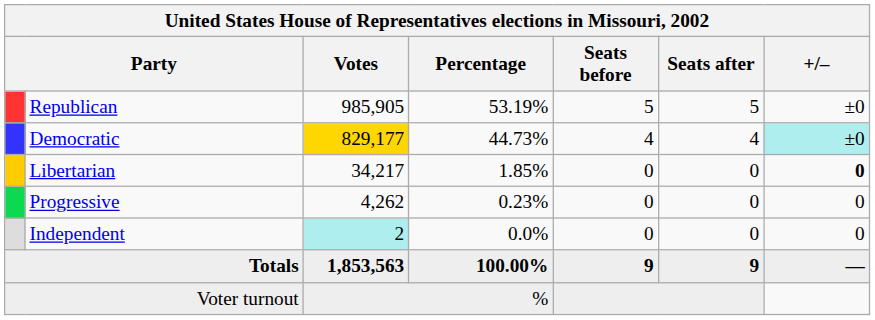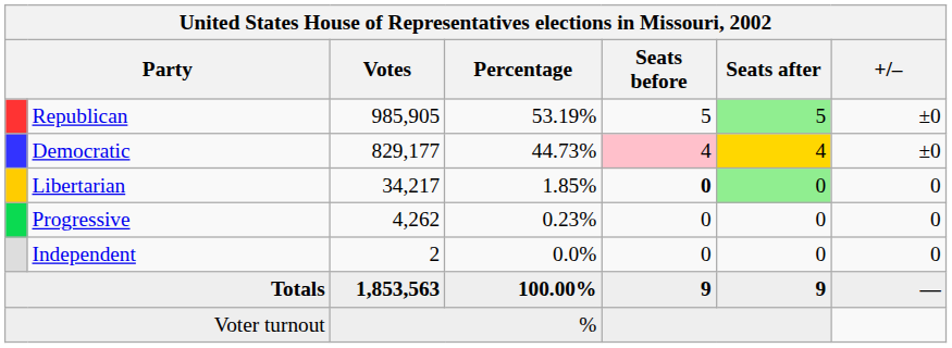 <table class="wikitable" style="font-size: 95%;">
 <tr>
 <th colspan="7">United States House of Representatives elections in Missouri, 2002</th>
 </tr>
 <tr>
 <th colspan=2 style="width: 15em">Party</th>
 <th style="width: 5em">Votes</th>
 <th style="width: 7em">Percentage</th>
 <th style="width: 5em">Seats before</th>
 <th style="width: 5em">Seats after</th>
 <th style="width: 5em">+/–</th>
 </tr>
 <tr>
 <th style="background-color:#FF3333; width: 3px"></th>
 <td style="width: 130px"><a href='#'>Republican</a></td>
 <td align="right">985,905</td>
 <td align="right">53.19%</td>
 <td align="right">5</td>
-<td align="right">5</td>
+<td align="right" style="background: lightgreen;">5</td>
 <td align="right">±0</td>
 </tr>
 <tr>
 <th style="background-color:#3333FF; width: 3px"></th>
 <td style="width: 130px"><a href='#'>Democratic</a></td>
-<td align="right" style="background: gold;">829,177</td>
+<td align="right">829,177</td>
 <td align="right">44.73%</td>
-<td align="right">4</td>
-<td align="right">4</td>
-<td align="right" style="background: paleturquoise;">±0</td>
+<td align="right" style="background: pink;">4</td>
+<td align="right" style="background: gold;">4</td>
+<td align="right">±0</td>
 </tr>
 <tr>
 <th style="background-color:#FFCC00; width: 3px"></th>
 <td style="width: 130px"><a href='#'>Libertarian</a></td>
 <td align="right">34,217</td>
 <td align="right">1.85%</td>
+<td align="right"><strong>0</strong></td>
+<td align="right" style="background: lightgreen;">0</td>
 <td align="right">0</td>
-<td align="right">0</td>
-<td align="right"><strong>0</strong></td>
 </tr>
 <tr>
 <th style="background-color:#0BDA51; width: 3px"></th>
 <td style="width: 130px"><a href='#'>Progressive</a></td>
 <td align="right">4,262</td>
 <td align="right">0.23%</td>
 <td align="right">0</td>
 <td align="right">0</td>
 <td align="right">0</td>
 </tr>
 <tr>
 <th style="background-color:#DDDDDD; width: 3px"></th>
 <td style="width: 130px"><a href='#'>Independent</a></td>
-<td align="right" style="background: paleturquoise;">2</td>
+<td align="right">2</td>
 <td align="right">0.0%</td>
 <td align="right">0</td>
 <td align="right">0</td>
 <td align="right">0</td>
 </tr>
 <tr bgcolor="#EEEEEE">
 <td colspan="2" align="right"><strong>Totals</strong></td>
 <td align="right"><strong>1,853,563</strong></td>
 <td align="right"><strong>100.00%</strong></td>
 <td align="right"><strong>9</strong></td>
 <td align="right"><strong>9</strong></td>
 <td align="right"><strong>—</strong></td>
 </tr>
 <tr bgcolor="#EEEEEE">
 <td colspan="2" align="right">Voter turnout</td>
 <td colspan="2" align="right">%</td>
 <td colspan="2" align="right"></td>
 </tr>
 </table>
